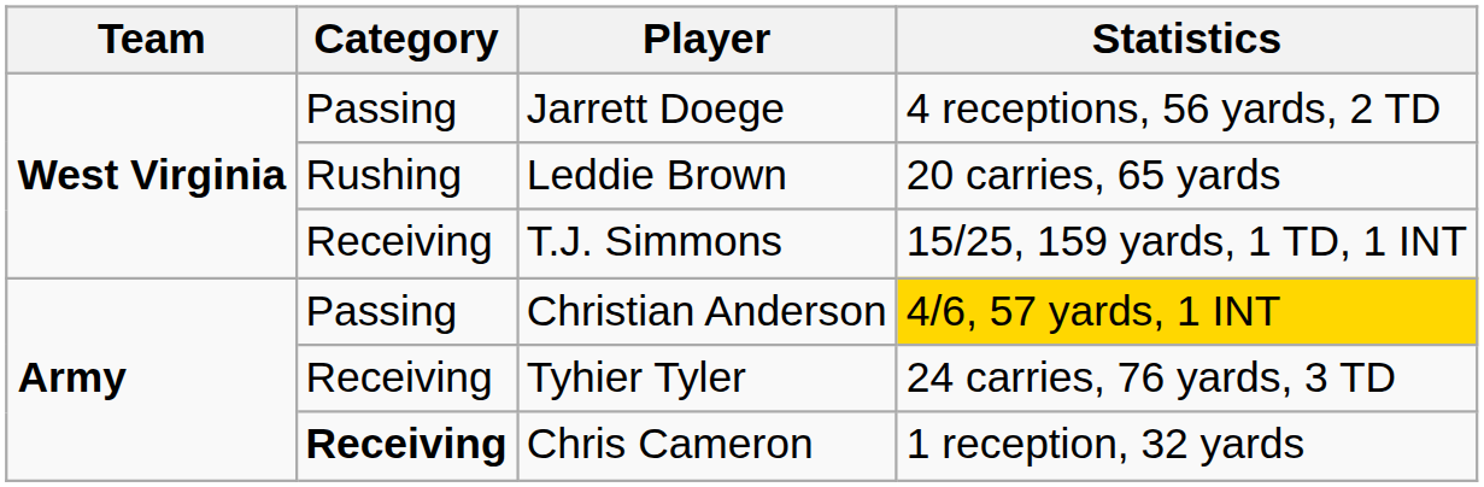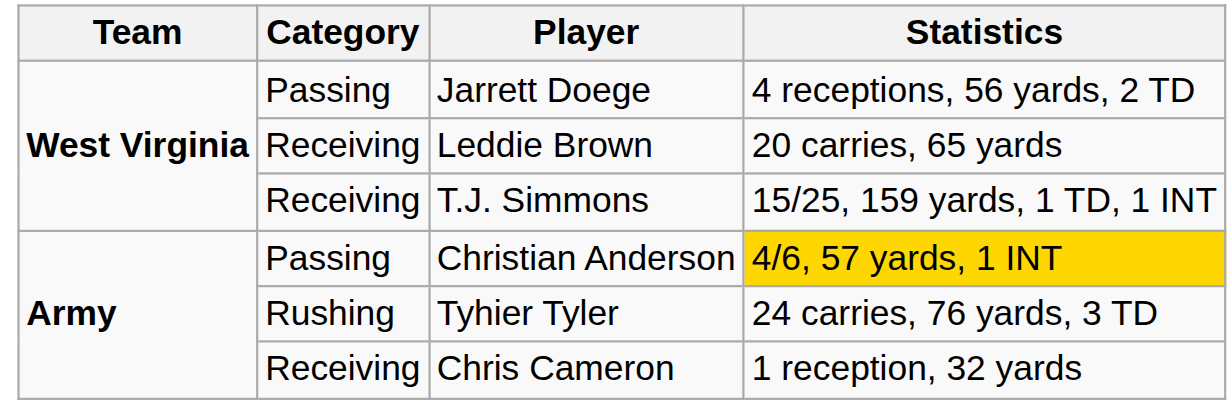 <table class="wikitable" style="float: right;">
 <tr>
 <th>Team</th>
 <th>Category</th>
 <th>Player</th>
 <th>Statistics</th>
 </tr>
 <tr>
 <td rowspan=3><strong>West Virginia</strong></td>
 <td>Passing</td>
 <td>Jarrett Doege</td>
 <td>4 receptions, 56 yards, 2 TD</td>
 </tr>
 <tr>
-<td>Rushing</td>
+<td>Receiving</td>
 <td>Leddie Brown</td>
 <td>20 carries, 65 yards</td>
 </tr>
 <tr>
 <td>Receiving</td>
 <td>T.J. Simmons</td>
 <td>15/25, 159 yards, 1 TD, 1 INT</td>
 </tr>
 <tr>
 <td rowspan=3><strong>Army</strong></td>
 <td>Passing</td>
 <td>Christian Anderson</td>
 <td style="background: gold;">4/6, 57 yards, 1 INT</td>
 </tr>
 <tr>
-<td>Receiving</td>
+<td>Rushing</td>
 <td>Tyhier Tyler</td>
 <td>24 carries, 76 yards, 3 TD</td>
 </tr>
 <tr>
-<td><strong>Receiving</strong></td>
+<td>Receiving</td>
 <td>Chris Cameron</td>
 <td>1 reception, 32 yards</td>
 </tr>
 </table>
